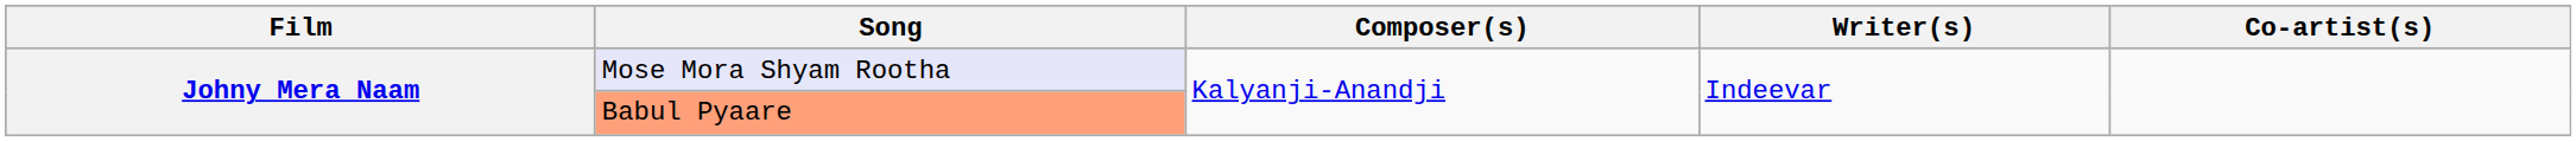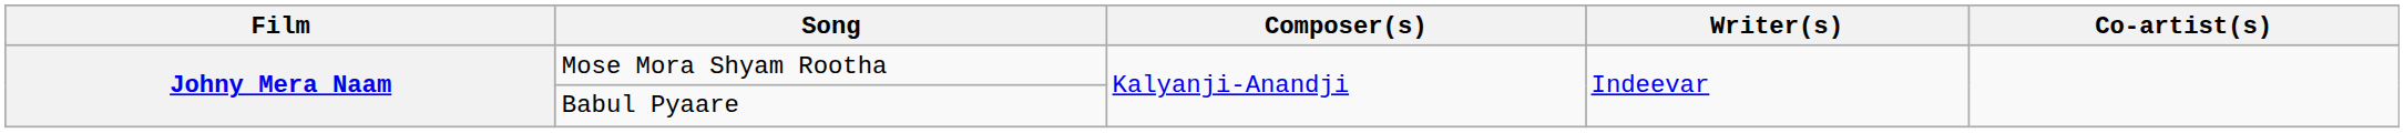 <table class="wikitable plainrowheaders" style="width:100%; textcolor:#000">
 <tr style="background:#b0e0e66;">
 <th scope="col" style="width:23%;"><strong>Film</strong></th>
 <th scope="col" style="width:23%;"><strong>Song</strong></th>
 <th scope="col" style="width:20%;"><strong>Composer(s)</strong></th>
 <th scope="col" style="width:16%;"><strong>Writer(s)</strong></th>
 <th scope="col" style="width:18%;"><strong>Co-artist(s)</strong></th>
 </tr>
 <tr>
 <th rowspan="2"><a href='#'>Johny Mera Naam</a></th>
-<td style="background: lavender;">Mose Mora Shyam Rootha</td>
+<td>Mose Mora Shyam Rootha</td>
 <td rowspan="2"><a href='#'>Kalyanji-Anandji</a></td>
 <td rowspan="2"><a href='#'>Indeevar</a></td>
 <td rowspan="2"></td>
 </tr>
 <tr>
-<td style="background: lightsalmon;">Babul Pyaare</td>
+<td>Babul Pyaare</td>
 </tr>
 </table>
